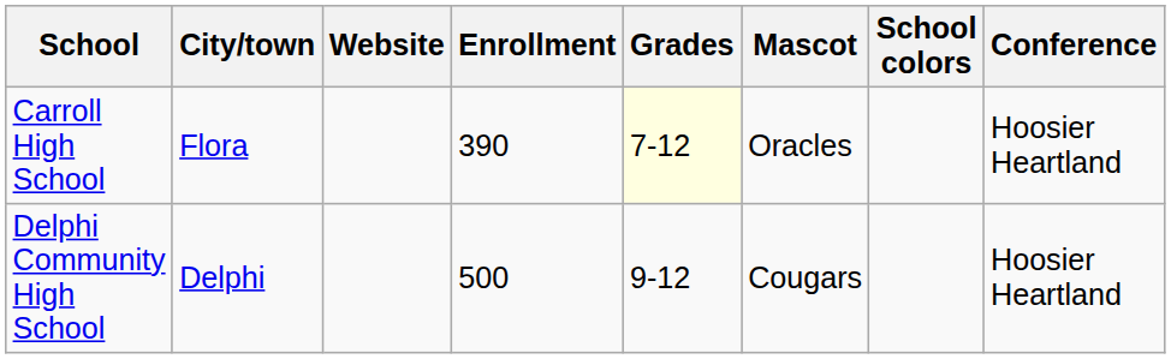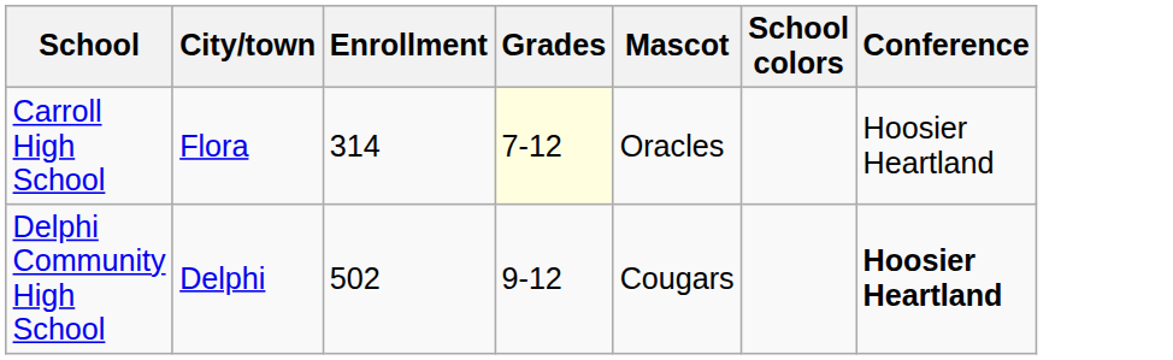 <table class="wikitable sortable" width="70%">
 <tr>
 <th width="20%">School</th>
 <th width="08%">City/town</th>
-<th width="06%">Website</th>
 <th width="04%">Enrollment</th>
 <th width="04%">Grades</th>
 <th width="04%">Mascot</th>
 <th width=01%>School colors</th>
 <th width="04%">Conference</th>
 </tr>
 <tr>
 <td><a href='#'>Carroll High School</a></td>
 <td><a href='#'>Flora</a></td>
-<td></td>
-<td>390</td>
+<td>314</td>
 <td style="background: lightyellow;">7-12</td>
 <td>Oracles</td>
 <td> </td>
 <td>Hoosier Heartland</td>
 </tr>
 <tr>
 <td><a href='#'>Delphi Community High School</a></td>
 <td><a href='#'>Delphi</a></td>
-<td></td>
-<td>500</td>
+<td>502</td>
 <td>9-12</td>
 <td>Cougars</td>
 <td> </td>
-<td>Hoosier Heartland</td>
+<td><strong>Hoosier Heartland</strong></td>
 </tr>
 </table>
